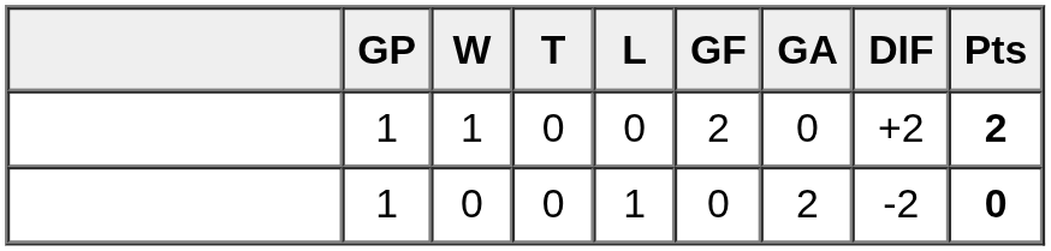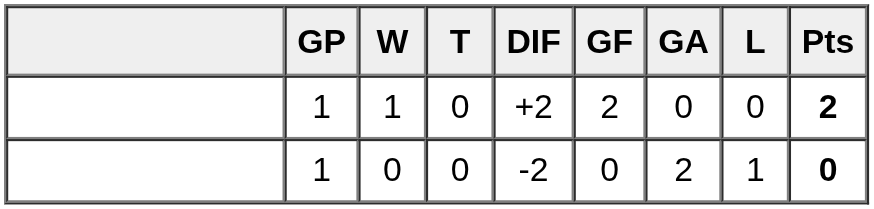 <table border=1 cellpadding=5 cellspacing=0>
 <tr>
 <th bgcolor="#efefef" width="120">　</th>
 <th bgcolor="#efefef" width="20">GP</th>
 <th bgcolor="#efefef" width="20">W</th>
 <th bgcolor="#efefef" width="20">T</th>
-<th bgcolor="#efefef" width="20">L</th>
+<th bgcolor="#efefef" width="20">DIF</th>
 <th bgcolor="#efefef" width="20">GF</th>
 <th bgcolor="#efefef" width="20">GA</th>
-<th bgcolor="#efefef" width="20">DIF</th>
+<th bgcolor="#efefef" width="20">L</th>
 <th bgcolor="#efefef" width="20">Pts</th>
 </tr>
 <tr align=center>
 <td align=left><strong></strong></td>
 <td>1</td>
 <td>1</td>
 <td>0</td>
-<td>0</td>
+<td>+2</td>
 <td>2</td>
 <td>0</td>
-<td>+2</td>
+<td>0</td>
 <td><strong>2</strong></td>
 </tr>
 <tr align=center>
 <td align=left><strong><em></em></strong></td>
 <td>1</td>
 <td>0</td>
 <td>0</td>
-<td>1</td>
+<td>-2</td>
 <td>0</td>
 <td>2</td>
-<td>-2</td>
+<td>1</td>
 <td><strong>0</strong></td>
 </tr>
 </table>
